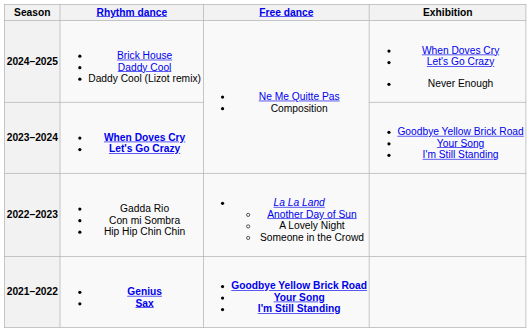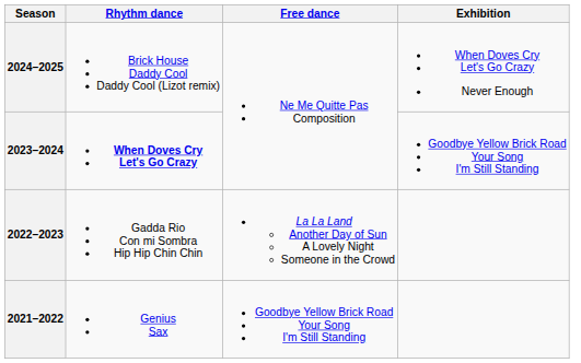 <table class=wikitable style=text-align:center>
 <tr>
 <th>Season</th>
 <th><a href='#'>Rhythm dance</a></th>
 <th><a href='#'>Free dance</a></th>
 <th>Exhibition</th>
 </tr>
 <tr>
 <th>2024–2025 <br> </th>
 <td><br><ul><li><a href='#'>Brick House</a> <br> </li><li><a href='#'>Daddy Cool</a> <br> </li><li>Daddy Cool (Lizot remix) <br> </li></ul></td>
 <td rowspan=2><br><ul><li><a href='#'>Ne Me Quitte Pas</a> <br> </li><li>Composition <br> </li></ul></td>
 <td><br><ul><li><a href='#'>When Doves Cry</a></li><li><a href='#'>Let's Go Crazy</a> <br> </li></ul><ul><li>Never Enough <br></li></ul></td>
 </tr>
 <tr>
 <th>2023–2024 <br> </th>
 <td><strong><br><ul><li><a href='#'>When Doves Cry</a></li><li><a href='#'>Let's Go Crazy</a> <br> </li></ul></strong></td>
 <td><br><ul><li><a href='#'>Goodbye Yellow Brick Road</a> <br> </li><li><a href='#'>Your Song</a> <br> </li><li><a href='#'>I'm Still Standing</a> <br> </li></ul></td>
 </tr>
 <tr>
 <th>2022–2023 <br> </th>
 <td><br><ul><li> Gadda Rio <br> </li><li> Con mi Sombra <br> </li><li> Hip Hip Chin Chin <br> </li></ul></td>
 <td><br><ul><li><em><a href='#'>La La Land</a></em><ul><li><a href='#'>Another Day of Sun</a></li><li>A Lovely Night</li><li>Someone in the Crowd <br> </li></ul></li></ul></td>
 <td></td>
 </tr>
 <tr>
 <th>2021–2022 <br> </th>
-<td><strong><br><ul><li><a href='#'>Genius</a> <br></li><li><a href='#'>Sax</a> <br></li></ul></strong></td>
-<td><strong><br><ul><li><a href='#'>Goodbye Yellow Brick Road</a> <br> </li><li><a href='#'>Your Song</a> <br> </li><li><a href='#'>I'm Still Standing</a> <br> </li></ul></strong></td>
+<td><br><ul><li><a href='#'>Genius</a> <br></li><li><a href='#'>Sax</a> <br></li></ul></td>
+<td><br><ul><li><a href='#'>Goodbye Yellow Brick Road</a> <br> </li><li><a href='#'>Your Song</a> <br> </li><li><a href='#'>I'm Still Standing</a> <br> </li></ul></td>
 <td></td>
 </tr>
 </table>
